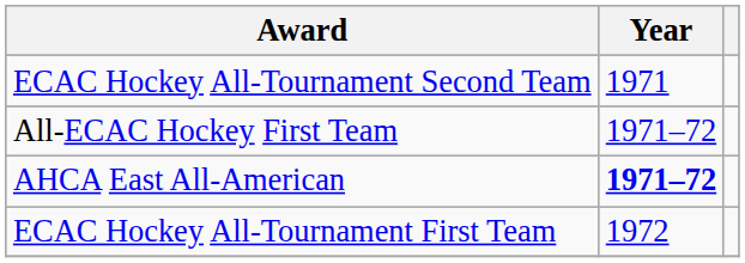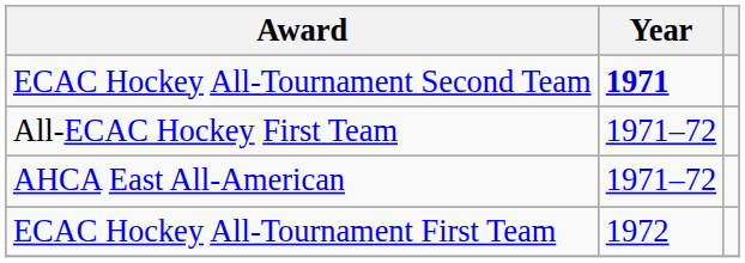 <table class="wikitable">
 <tr>
 <th>Award</th>
 <th>Year</th>
 <th></th>
 </tr>
 <tr>
 <td><a href='#'>ECAC Hockey</a> <a href='#'>All-Tournament Second Team</a></td>
-<td><a href='#'>1971</a></td>
+<td><strong><a href='#'>1971</a></strong></td>
 <td></td>
 </tr>
 <tr>
 <td>All-<a href='#'>ECAC Hockey</a> <a href='#'>First Team</a></td>
 <td><a href='#'>1971–72</a></td>
 <td></td>
 </tr>
 <tr>
 <td><a href='#'>AHCA</a> <a href='#'>East All-American</a></td>
-<td><strong><a href='#'>1971–72</a></strong></td>
+<td><a href='#'>1971–72</a></td>
 <td></td>
 </tr>
 <tr>
 <td><a href='#'>ECAC Hockey</a> <a href='#'>All-Tournament First Team</a></td>
 <td><a href='#'>1972</a></td>
 <td></td>
 </tr>
 <tr>
 </tr>
 </table>
